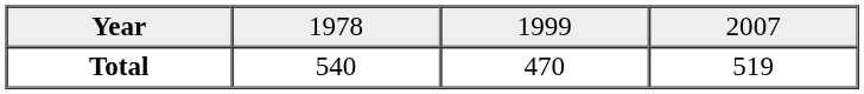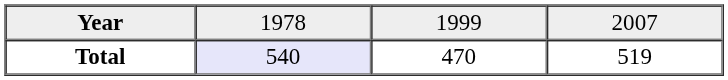 <table border="1" cellpadding="2" cellspacing="0" width="500">
 <tr bgcolor="#eeeeee" align="center">
 <td><strong>Year</strong></td>
 <td>1978</td>
 <td>1999</td>
 <td>2007</td>
 </tr>
 <tr align="center">
 <td><strong>Total</strong></td>
-<td>540</td>
+<td style="background: lavender;">540</td>
 <td>470</td>
 <td>519</td>
 </tr>
 </table>
